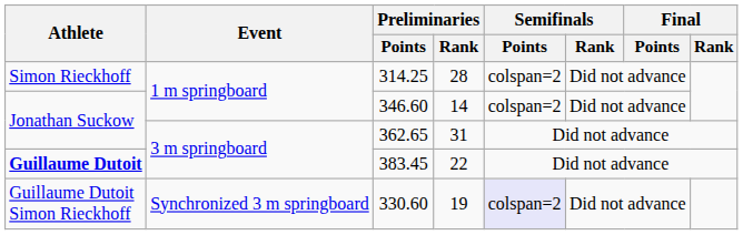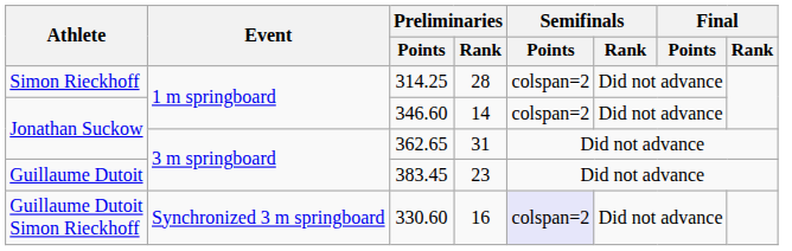 <table class=wikitable style="font-size:90%;">
 <tr>
 <th rowspan="2">Athlete</th>
 <th rowspan="2">Event</th>
 <th colspan="2">Preliminaries</th>
 <th colspan="2">Semifinals</th>
 <th colspan="2">Final</th>
 </tr>
 <tr style="font-size:95%">
 <th>Points</th>
 <th>Rank</th>
 <th>Points</th>
 <th>Rank</th>
 <th>Points</th>
 <th>Rank</th>
 </tr>
 <tr align=center>
 <td align=left><a href='#'>Simon Rieckhoff</a></td>
 <td align=left rowspan=2><a href='#'>1 m springboard</a></td>
 <td>314.25</td>
 <td>28</td>
 <td>colspan=2 </td>
 <td colspan=2>Did not advance</td>
 </tr>
 <tr align=center>
 <td align=left rowspan=2><a href='#'>Jonathan Suckow</a></td>
 <td>346.60</td>
 <td>14</td>
 <td>colspan=2 </td>
 <td colspan=2>Did not advance</td>
 </tr>
 <tr align=center>
 <td align=left rowspan=2><a href='#'>3 m springboard</a></td>
 <td>362.65</td>
 <td>31</td>
 <td colspan=4>Did not advance</td>
 </tr>
 <tr align=center>
-<td align=left><strong><a href='#'>Guillaume Dutoit</a></strong></td>
+<td align=left><a href='#'>Guillaume Dutoit</a></td>
 <td>383.45</td>
-<td>22</td>
+<td>23</td>
 <td colspan=4>Did not advance</td>
 </tr>
 <tr align=center>
 <td align=left><a href='#'>Guillaume Dutoit</a><br><a href='#'>Simon Rieckhoff</a></td>
 <td align=left><a href='#'>Synchronized 3 m springboard</a></td>
 <td>330.60</td>
-<td>19</td>
+<td>16</td>
 <td style="background: lavender;">colspan=2 </td>
 <td colspan=2>Did not advance</td>
 </tr>
 </table>
